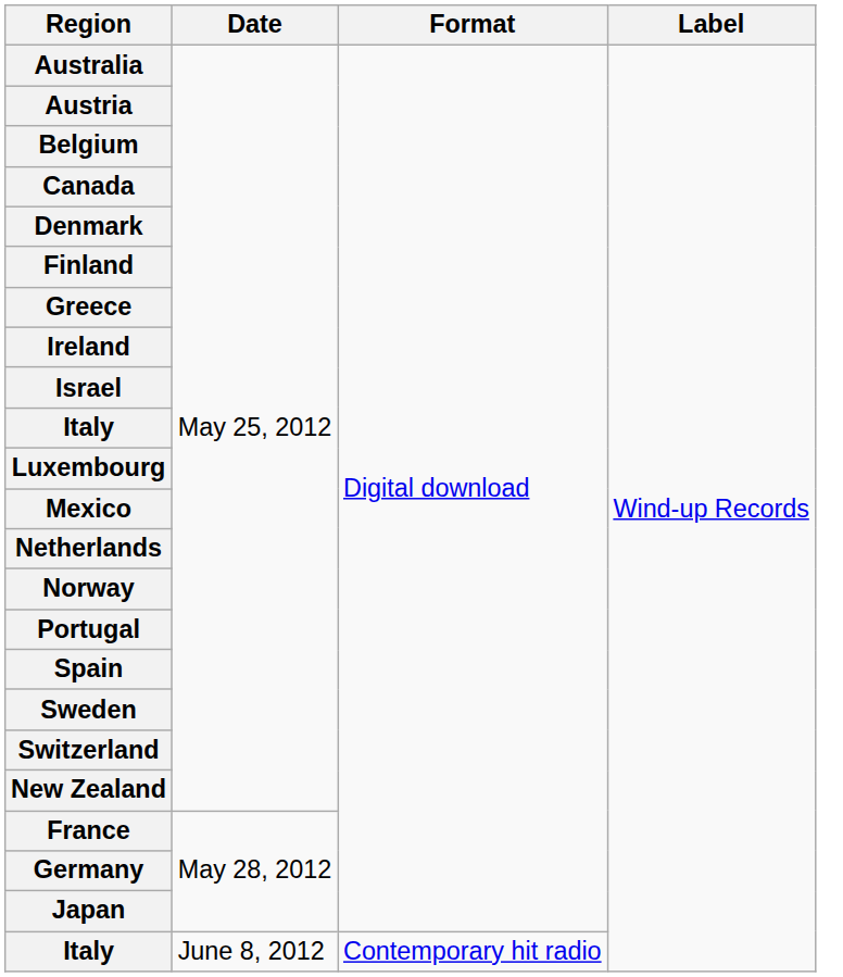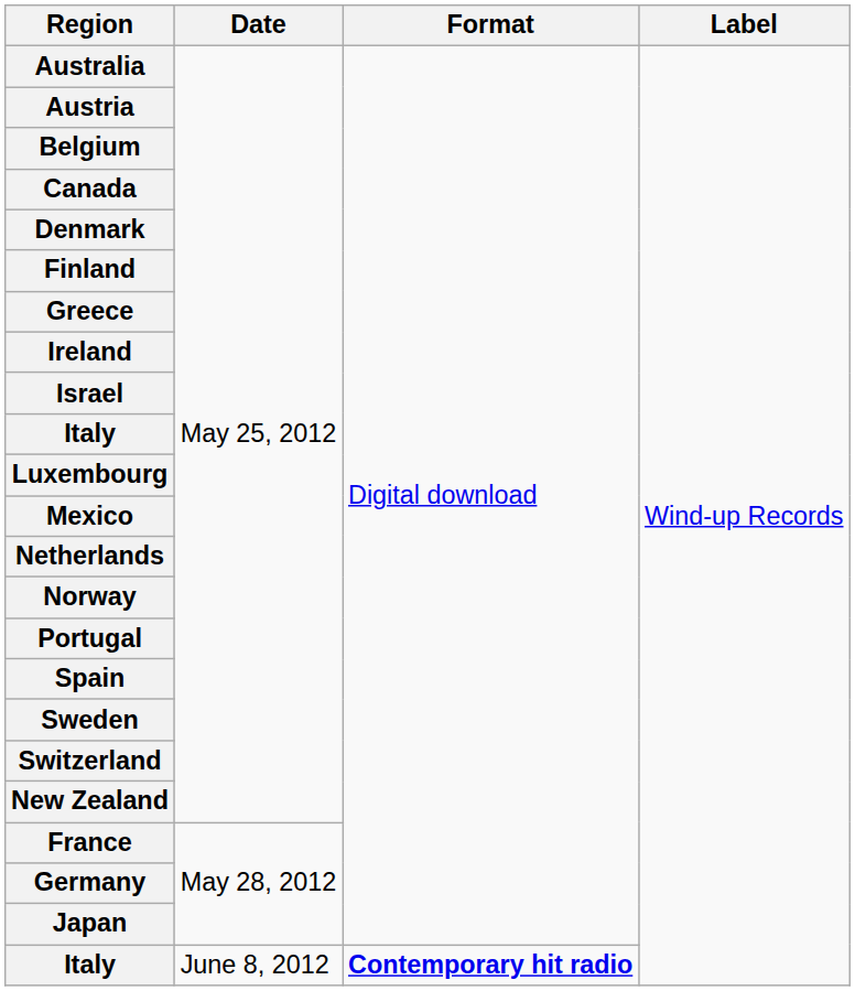 <table class="wikitable plainrowheaders">
 <tr>
 <th>Region</th>
 <th>Date</th>
 <th>Format</th>
 <th>Label</th>
 </tr>
 <tr>
 <th scope="row">Australia</th>
 <td rowspan="19">May 25, 2012</td>
 <td rowspan="22"><a href='#'>Digital download</a></td>
 <td rowspan="23"><a href='#'>Wind-up Records</a></td>
 </tr>
 <tr>
 <th scope="row">Austria</th>
 </tr>
 <tr>
 <th scope="row">Belgium</th>
 </tr>
 <tr>
 <th scope="row">Canada</th>
 </tr>
 <tr>
 <th scope="row">Denmark</th>
 </tr>
 <tr>
 <th scope="row">Finland</th>
 </tr>
 <tr>
 <th scope="row">Greece</th>
 </tr>
 <tr>
 <th scope="row">Ireland</th>
 </tr>
 <tr>
 <th scope="row">Israel</th>
 </tr>
 <tr>
 <th scope="row">Italy</th>
 </tr>
 <tr>
 <th scope="row">Luxembourg</th>
 </tr>
 <tr>
 <th scope="row">Mexico</th>
 </tr>
 <tr>
 <th scope="row">Netherlands</th>
 </tr>
 <tr>
 <th scope="row">Norway</th>
 </tr>
 <tr>
 <th scope="row">Portugal</th>
 </tr>
 <tr>
 <th scope="row">Spain</th>
 </tr>
 <tr>
 <th scope="row">Sweden</th>
 </tr>
 <tr>
 <th scope="row">Switzerland</th>
 </tr>
 <tr>
 <th scope="row">New Zealand</th>
 </tr>
 <tr>
 <th scope="row">France</th>
 <td rowspan="3">May 28, 2012</td>
 </tr>
 <tr>
 <th scope="row">Germany</th>
 </tr>
 <tr>
 <th scope="row">Japan</th>
 </tr>
 <tr>
 <th scope="row">Italy</th>
 <td>June 8, 2012</td>
-<td><a href='#'>Contemporary hit radio</a></td>
+<td><strong><a href='#'>Contemporary hit radio</a></strong></td>
 </tr>
 </table>
